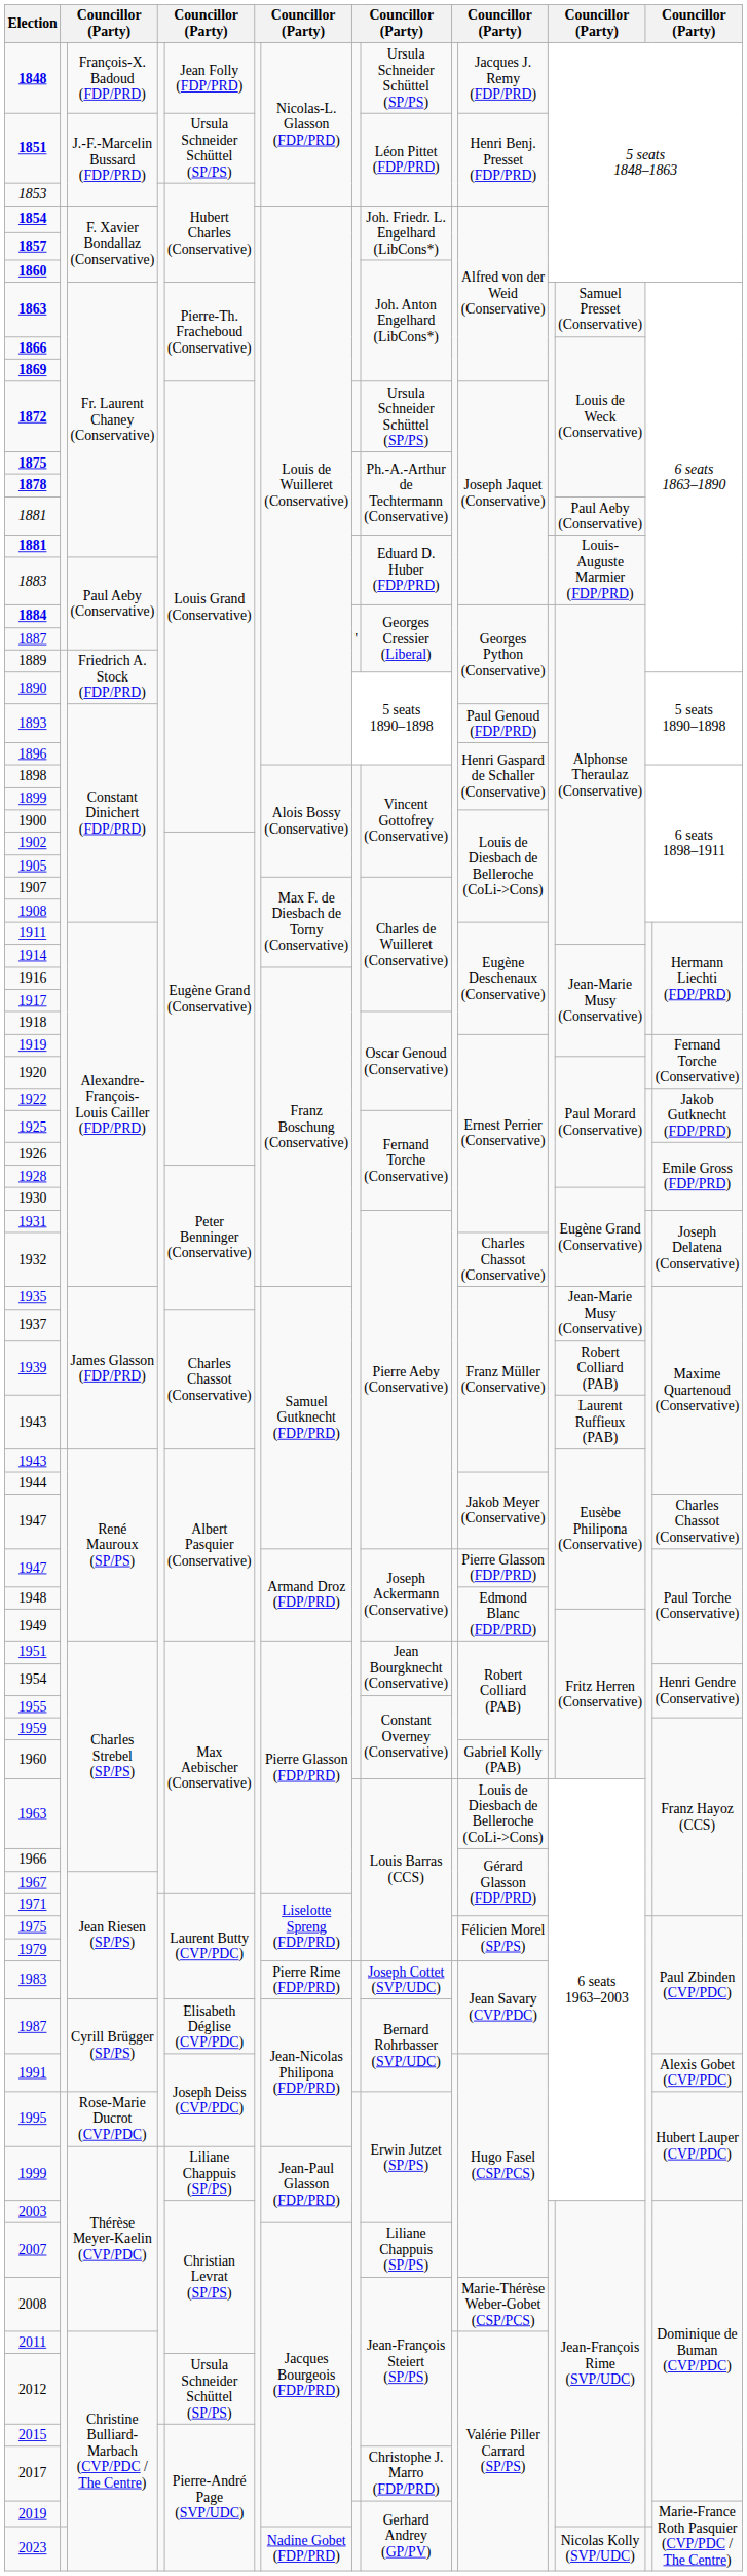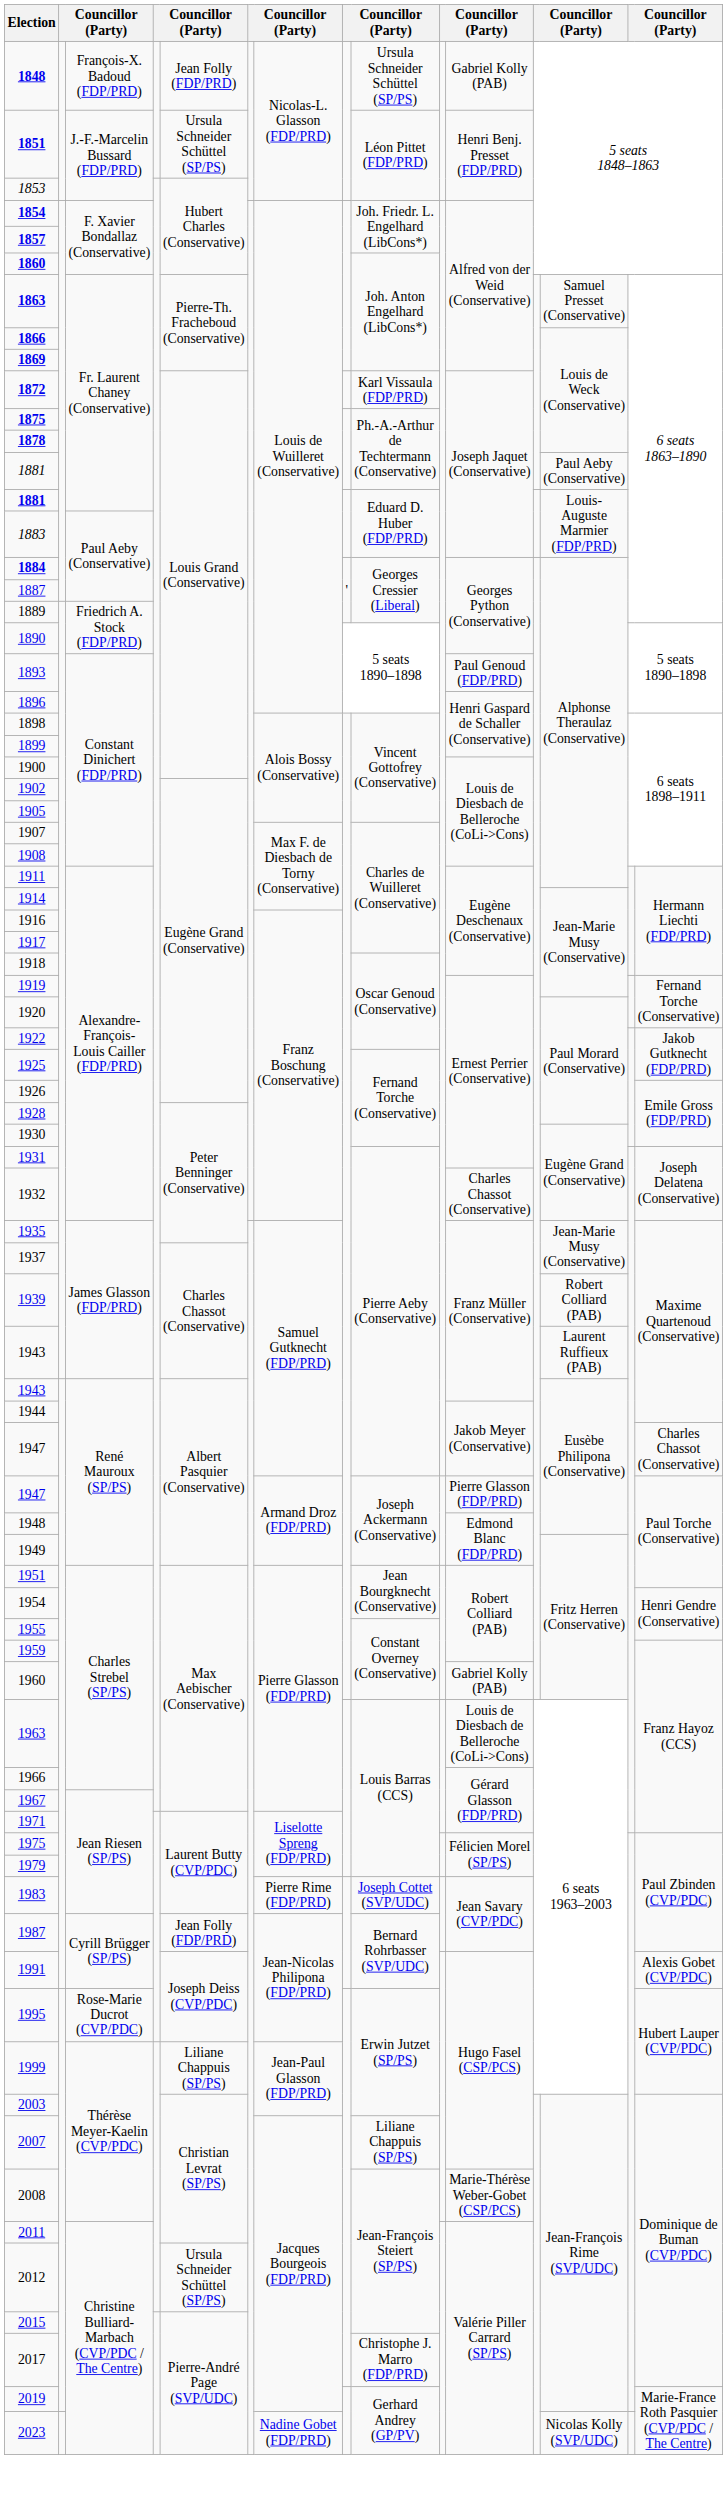 <table class="wikitable" style="text-align:center">
 <tr>
 <th>Election</th>
 <th colspan=2>Councillor<br>(Party)</th>
 <th colspan=2>Councillor<br>(Party)</th>
 <th colspan=2>Councillor<br>(Party)</th>
 <th colspan=2>Councillor<br>(Party)</th>
 <th colspan=2>Councillor<br>(Party)</th>
 <th colspan=2>Councillor<br>(Party)</th>
 <th colspan=2>Councillor<br>(Party)</th>
 </tr>
 <tr>
 <td><strong><a href='#'>1848</a></strong></td>
 <td rowspan=3; style="background-color: "></td>
 <td rowspan=1>François-X. Badoud<br>(<a href='#'>FDP/PRD</a>)</td>
 <td rowspan=2; style="background-color: "></td>
 <td rowspan=1>Jean Folly<br>(<a href='#'>FDP/PRD</a>)</td>
 <td rowspan=3; style="background-color: "></td>
 <td rowspan=3>Nicolas-L. Glasson<br>(<a href='#'>FDP/PRD</a>)</td>
 <td rowspan=3; style="background-color: "></td>
 <td rowspan=1>Ursula Schneider Schüttel<br>(<a href='#'>SP/PS</a>)</td>
 <td rowspan=3; style="background-color: "></td>
-<td rowspan=1>Jacques J. Remy<br>(<a href='#'>FDP/PRD</a>)</td>
+<td rowspan=1>Gabriel Kolly<br>(PAB)</td>
 <td style="background-color:#FFFFFF" rowspan=6 colspan=4><em>5 seats<br>1848–1863</em></td>
 </tr>
 <tr>
 <td><strong><a href='#'>1851</a></strong></td>
 <td rowspan=2>J.-F.-Marcelin Bussard<br>(<a href='#'>FDP/PRD</a>)</td>
 <td rowspan=1>Ursula Schneider Schüttel<br>(<a href='#'>SP/PS</a>)</td>
 <td rowspan=2>Léon Pittet<br>(<a href='#'>FDP/PRD</a>)</td>
 <td rowspan=2>Henri Benj. Presset<br>(<a href='#'>FDP/PRD</a>)</td>
 </tr>
 <tr>
 <td><em>1853</em></td>
 <td rowspan=58; style="background-color: "></td>
 <td rowspan=4>Hubert Charles<br>(Conservative)</td>
 </tr>
 <tr>
 <td><strong><a href='#'>1854</a></strong></td>
 <td rowspan=14; style="background-color: "></td>
 <td rowspan=3>F. Xavier Bondallaz<br>(Conservative)</td>
 <td rowspan=39; style="background-color: "></td>
 <td rowspan=18>Louis de Wuilleret<br>(Conservative)</td>
 <td rowspan=6; style="background-color: "></td>
 <td rowspan=2>Joh. Friedr. L. Engelhard<br>(LibCons*)</td>
 <td rowspan=46; style="background-color: "></td>
 <td rowspan=6>Alfred von der Weid<br>(Conservative)</td>
 </tr>
 <tr>
 <td><strong><a href='#'>1857</a></strong></td>
 </tr>
 <tr>
 <td><strong><a href='#'>1860</a></strong></td>
 <td rowspan=4>Joh. Anton Engelhard<br>(LibCons*)</td>
 </tr>
 <tr>
 <td><strong><a href='#'>1863</a></strong></td>
 <td rowspan=8>Fr. Laurent Chaney<br>(Conservative)</td>
 <td rowspan=3>Pierre-Th. Fracheboud<br>(Conservative)</td>
 <td rowspan=7; style="background-color: "></td>
 <td rowspan=1>Samuel Presset<br>(Conservative)</td>
 <td style="background-color:#FFFFFF" rowspan=12 colspan=2><em>6 seats<br>1863–1890</em></td>
 </tr>
 <tr>
 <td><strong><a href='#'>1866</a></strong></td>
 <td rowspan=5>Louis de Weck<br>(Conservative)</td>
 </tr>
 <tr>
 <td><strong><a href='#'>1869</a></strong></td>
 </tr>
 <tr>
 <td><strong><a href='#'>1872</a></strong></td>
 <td rowspan=15>Louis Grand<br>(Conservative)</td>
 <td rowspan=1; style="background-color: "></td>
-<td rowspan=1>Ursula Schneider Schüttel<br>(<a href='#'>SP/PS</a>)</td>
+<td rowspan=1>Karl Vissaula<br>(<a href='#'>FDP/PRD</a>)</td>
 <td rowspan=6>Joseph Jaquet<br>(Conservative)</td>
 </tr>
 <tr>
 <td><strong><a href='#'>1875</a></strong></td>
 <td rowspan=3; style="background-color: "></td>
 <td rowspan=3>Ph.-A.-Arthur de Techtermann<br>(Conservative)</td>
 </tr>
 <tr>
 <td><strong><a href='#'>1878</a></strong></td>
 </tr>
 <tr>
 <td><em>1881</em></td>
 <td rowspan=1>Paul Aeby<br>(Conservative)</td>
 </tr>
 <tr>
 <td><strong><a href='#'>1881</a></strong></td>
 <td rowspan=2; style="background-color: "></td>
 <td rowspan=2>Eduard D. Huber<br>(<a href='#'>FDP/PRD</a>)</td>
 <td rowspan=2; style="background-color: "></td>
 <td rowspan=2>Louis-Auguste Marmier<br>(<a href='#'>FDP/PRD</a>)</td>
 </tr>
 <tr>
 <td><em>1883</em></td>
 <td rowspan=3>Paul Aeby<br>(Conservative)</td>
 </tr>
 <tr>
 <td><strong><a href='#'>1884</a><em></td>
 <td rowspan=3; style="background-color: ">'</td>
 <td rowspan=3>Georges Cressier<br>(<a href='#'>Liberal</a>)</td>
 <td rowspan=4>Georges Python<br>(Conservative)</td>
 <td rowspan=42; style="background-color: "></td>
 <td rowspan=14>Alphonse Theraulaz<br>(Conservative)</td>
 </tr>
 <tr>
 <td></strong><a href='#'>1887</a><strong></td>
 </tr>
 <tr>
 <td></em>1889<em></td>
 <td rowspan=29; style="background-color: "></td>
 <td rowspan=2>Friedrich A. Stock<br>(<a href='#'>FDP/PRD</a>)</td>
 </tr>
 <tr>
 <td></strong><a href='#'>1890</a><strong></td>
 <td style="background-color:#FFFFFF" rowspan=3 colspan=2></em>5 seats<br>1890–1898<em></td>
 <td style="background-color:#FFFFFF" rowspan=3 colspan=2></em>5 seats<br>1890–1898<em></td>
 </tr>
 <tr>
 <td></strong><a href='#'>1893</a><strong></td>
 <td rowspan=9>Constant Dinichert<br>(<a href='#'>FDP/PRD</a>)</td>
 <td rowspan=1>Paul Genoud<br>(<a href='#'>FDP/PRD</a>)</td>
 </tr>
 <tr>
 <td></strong><a href='#'>1896</a><strong></td>
 <td rowspan=3>Henri Gaspard de Schaller<br>(Conservative)</td>
 </tr>
 <tr>
 <td></em>1898<em></td>
 <td rowspan=5>Alois Bossy<br>(Conservative)</td>
 <td rowspan=36; style="background-color: "></td>
 <td rowspan=5>Vincent Gottofrey<br>(Conservative)</td>
 <td style="background-color:#FFFFFF" rowspan=7 colspan=2></em>6 seats<br>1898–1911<em></td>
 </tr>
 <tr>
 <td></strong><a href='#'>1899</a><strong></td>
 </tr>
 <tr>
 <td></em>1900<em></td>
 <td rowspan=5>Louis de Diesbach de Belleroche<br>(CoLi->Cons)</td>
 </tr>
 <tr>
 <td></strong><a href='#'>1902</a><strong></td>
 <td rowspan=14>Eugène Grand<br>(Conservative)</td>
 </tr>
 <tr>
 <td></strong><a href='#'>1905</a><strong></td>
 </tr>
 <tr>
 <td></em>1907<em></td>
 <td rowspan=4>Max F. de Diesbach de Torny<br>(Conservative)</td>
 <td rowspan=6>Charles de Wuilleret<br>(Conservative)</td>
 </tr>
 <tr>
 <td></strong><a href='#'>1908</a><strong></td>
 </tr>
 <tr>
 <td></strong><a href='#'>1911</a><strong></td>
 <td rowspan=14>Alexandre-François-Louis Cailler<br>(<a href='#'>FDP/PRD</a>)</td>
 <td rowspan=5>Eugène Deschenaux<br>(Conservative)</td>
 <td rowspan=5; style="background-color: "></td>
 <td rowspan=5>Hermann Liechti<br>(<a href='#'>FDP/PRD</a>)</td>
 </tr>
 <tr>
 <td></strong><a href='#'>1914</a><strong></td>
 <td rowspan=5>Jean-Marie Musy<br>(Conservative)</td>
 </tr>
 <tr>
 <td></em>1916<em></td>
 <td rowspan=12>Franz Boschung<br>(Conservative)</td>
 </tr>
 <tr>
 <td></strong><a href='#'>1917</a><strong></td>
 </tr>
 <tr>
 <td></em>1918<em></td>
 <td rowspan=4>Oscar Genoud<br>(Conservative)</td>
 </tr>
 <tr>
 <td></strong><a href='#'>1919</a><strong></td>
 <td rowspan=8>Ernest Perrier<br>(Conservative)</td>
 <td rowspan=2; style="background-color: "></td>
 <td rowspan=2>Fernand Torche<br>(Conservative)</td>
 </tr>
 <tr>
 <td></em>1920<em></td>
 <td rowspan=5>Paul Morard<br>(Conservative)</td>
 </tr>
 <tr>
 <td></strong><a href='#'>1922</a><strong></td>
 <td rowspan=5; style="background-color: "></td>
 <td rowspan=2>Jakob Gutknecht<br>(<a href='#'>FDP/PRD</a>)</td>
 </tr>
 <tr>
 <td></strong><a href='#'>1925</a><strong></td>
 <td rowspan=4>Fernand Torche<br>(Conservative)</td>
 </tr>
 <tr>
 <td></em>1926<em></td>
 <td rowspan=3>Emile Gross<br>(<a href='#'>FDP/PRD</a>)</td>
 </tr>
 <tr>
 <td></strong><a href='#'>1928</a><strong></td>
 <td rowspan=5>Peter Benninger<br>(Conservative)</td>
 </tr>
 <tr>
 <td></em>1930<em></td>
 <td rowspan=3>Eugène Grand<br>(Conservative)</td>
 </tr>
 <tr>
 <td></strong><a href='#'>1931</a><strong></td>
 <td rowspan=9>Pierre Aeby<br>(Conservative)</td>
 <td rowspan=21; style="background-color: "></td>
 <td rowspan=2>Joseph Delatena<br>(Conservative)</td>
 </tr>
 <tr>
 <td></em>1932<em></td>
 <td rowspan=1>Charles Chassot<br>(Conservative)</td>
 </tr>
 <tr>
 <td></strong><a href='#'>1935</a><strong></td>
 <td rowspan=4>James Glasson<br>(<a href='#'>FDP/PRD</a>)</td>
 <td rowspan=35; style="background-color: "></td>
 <td rowspan=7>Samuel Gutknecht<br>(<a href='#'>FDP/PRD</a>)</td>
 <td rowspan=5>Franz Müller<br>(Conservative)</td>
 <td rowspan=2>Jean-Marie Musy<br>(Conservative)</td>
 <td rowspan=6>Maxime Quartenoud<br>(Conservative)</td>
 </tr>
 <tr>
 <td></em>1937<em></td>
 <td rowspan=3>Charles Chassot<br>(Conservative)</td>
 </tr>
 <tr>
 <td></strong><a href='#'>1939</a><strong></td>
 <td rowspan=1>Robert Colliard<br>(PAB)</td>
 </tr>
 <tr>
 <td></em>1943<em></td>
 <td rowspan=1>Laurent Ruffieux<br>(PAB)</td>
 </tr>
 <tr>
 <td></strong><a href='#'>1943</a><strong></td>
 <td rowspan=20; style="background-color: "></td>
 <td rowspan=6>René Mauroux<br>(<a href='#'>SP/PS</a>)</td>
 <td rowspan=6>Albert Pasquier<br>(Conservative)</td>
 <td rowspan=5>Eusèbe Philipona<br>(Conservative)</td>
 </tr>
 <tr>
 <td></em>1944<em></td>
 <td rowspan=2>Jakob Meyer<br>(Conservative)</td>
 </tr>
 <tr>
 <td></em>1947<em></td>
 <td rowspan=1>Charles Chassot<br>(Conservative)</td>
 </tr>
 <tr>
 <td></strong><a href='#'>1947</a><strong></td>
 <td rowspan=3>Armand Droz<br>(<a href='#'>FDP/PRD</a>)</td>
 <td rowspan=3>Joseph Ackermann<br>(Conservative)</td>
 <td rowspan=3; style="background-color: "></td>
 <td rowspan=1>Pierre Glasson<br>(<a href='#'>FDP/PRD</a>)</td>
 <td rowspan=4>Paul Torche<br>(Conservative)</td>
 </tr>
 <tr>
 <td></em>1948<em></td>
 <td rowspan=2>Edmond Blanc<br>(<a href='#'>FDP/PRD</a>)</td>
 </tr>
 <tr>
 <td></em>1949<em></td>
 <td rowspan=6>Fritz Herren<br>(Conservative)</td>
 </tr>
 <tr>
 <td></strong><a href='#'>1951</a><strong></td>
 <td rowspan=7>Charles Strebel<br>(<a href='#'>SP/PS</a>)</td>
 <td rowspan=8>Max Aebischer<br>(Conservative)</td>
 <td rowspan=8>Pierre Glasson<br>(<a href='#'>FDP/PRD</a>)</td>
 <td rowspan=2>Jean Bourgknecht<br>(Conservative)</td>
 <td rowspan=5; style="background-color: "></td>
 <td rowspan=4>Robert Colliard<br>(PAB)</td>
 </tr>
 <tr>
 <td></em>1954<em></td>
 <td rowspan=2>Henri Gendre<br>(Conservative)</td>
 </tr>
 <tr>
 <td></strong><a href='#'>1955</a><strong></td>
 <td rowspan=3>Constant Overney<br>(Conservative)</td>
 </tr>
 <tr>
 <td></strong><a href='#'>1959</a><strong></td>
 <td rowspan=6>Franz Hayoz<br>(CCS)</td>
 </tr>
 <tr>
 <td></em>1960<em></td>
 <td rowspan=1>Gabriel Kolly<br>(PAB)</td>
 </tr>
 <tr>
 <td></strong><a href='#'>1963</a><strong></td>
 <td rowspan=6; style="background-color: "></td>
 <td rowspan=6>Louis Barras<br>(CCS)</td>
 <td rowspan=4; style="background-color: "></td>
 <td rowspan=1>Louis de Diesbach de Belleroche<br>(CoLi->Cons)</td>
 <td style="background-color:#FFFFFF" rowspan=11 colspan=2></em>6 seats<br>1963–2003<em></td>
 </tr>
 <tr>
 <td></em>1966<em></td>
 <td rowspan=3>Gérard Glasson<br>(<a href='#'>FDP/PRD</a>)</td>
 </tr>
 <tr>
 <td></strong><a href='#'>1967</a><strong></td>
 <td rowspan=5>Jean Riesen<br>(<a href='#'>SP/PS</a>)</td>
 </tr>
 <tr>
 <td></strong><a href='#'>1971</a><strong></td>
 <td rowspan=7; style="background-color: "></td>
 <td rowspan=4>Laurent Butty<br>(<a href='#'>CVP/PDC</a>)</td>
 <td rowspan=3><a href='#'>Liselotte Spreng</a><br>(<a href='#'>FDP/PRD</a>)</td>
 </tr>
 <tr>
 <td></strong><a href='#'>1975</a><strong></td>
 <td rowspan=2; style="background-color: "></td>
 <td rowspan=2>Félicien Morel<br>(<a href='#'>SP/PS</a>)</td>
 <td rowspan=15; style="background-color: "></td>
 <td rowspan=4>Paul Zbinden<br>(<a href='#'>CVP/PDC</a>)</td>
 </tr>
 <tr>
 <td></strong><a href='#'>1979</a><strong></td>
 </tr>
 <tr>
 <td></strong><a href='#'>1983</a><strong></td>
 <td rowspan=1>Pierre Rime<br>(<a href='#'>FDP/PRD</a>)</td>
 <td rowspan=3; style="background-color: "></td>
 <td rowspan=1><a href='#'>Joseph Cottet</a><br>(<a href='#'>SVP/UDC</a>)</td>
 <td rowspan=2; style="background-color: "></td>
 <td rowspan=2>Jean Savary<br>(<a href='#'>CVP/PDC</a>)</td>
 </tr>
 <tr>
 <td></strong><a href='#'>1987</a><strong></td>
 <td rowspan=2>Cyrill Brügger<br>(<a href='#'>SP/PS</a>)</td>
-<td rowspan=1>Elisabeth Déglise<br>(<a href='#'>CVP/PDC</a>)</td>
+<td rowspan=1>Jean Folly<br>(<a href='#'>FDP/PRD</a>)</td>
 <td rowspan=3>Jean-Nicolas Philipona<br>(<a href='#'>FDP/PRD</a>)</td>
 <td rowspan=2>Bernard Rohrbasser<br>(<a href='#'>SVP/UDC</a>)</td>
 </tr>
 <tr>
 <td></strong><a href='#'>1991</a><strong></td>
 <td rowspan=2>Joseph Deiss<br>(<a href='#'>CVP/PDC</a>)</td>
 <td rowspan=6; style="background-color: "></td>
 <td rowspan=5>Hugo Fasel<br>(<a href='#'>CSP/PCS</a>)</td>
 <td rowspan=1>Alexis Gobet<br>(<a href='#'>CVP/PDC</a>)</td>
 </tr>
 <tr>
 <td></strong><a href='#'>1995</a><strong></td>
 <td rowspan=10; style="background-color: "></td>
 <td rowspan=1>Rose-Marie Ducrot<br>(<a href='#'>CVP/PDC</a>)</td>
 <td rowspan=9; style="background-color: "></td>
 <td rowspan=3>Erwin Jutzet<br>(<a href='#'>SP/PS</a>)</td>
 <td rowspan=2>Hubert Lauper<br>(<a href='#'>CVP/PDC</a>)</td>
 </tr>
 <tr>
 <td></strong><a href='#'>1999</a><strong></td>
 <td rowspan=4>Thérèse Meyer-Kaelin<br>(<a href='#'>CVP/PDC</a>)</td>
 <td rowspan=6; style="background-color: "></td>
 <td rowspan=1>Liliane Chappuis<br>(<a href='#'>SP/PS</a>)</td>
 <td rowspan=2>Jean-Paul Glasson<br>(<a href='#'>FDP/PRD</a>)</td>
 </tr>
 <tr>
 <td></strong><a href='#'>2003</a><strong></td>
 <td rowspan=4>Christian Levrat<br>(<a href='#'>SP/PS</a>)</td>
 <td rowspan=9; style="background-color: "></td>
 <td rowspan=8>Jean-François Rime<br>(<a href='#'>SVP/UDC</a>)</td>
 <td rowspan=7>Dominique de Buman<br>(<a href='#'>CVP/PDC</a>)</td>
 </tr>
 <tr>
 <td></strong><a href='#'>2007</a><strong></td>
 <td rowspan=7>Jacques Bourgeois<br>(<a href='#'>FDP/PRD</a>)</td>
 <td rowspan=1>Liliane Chappuis<br>(<a href='#'>SP/PS</a>)</td>
 </tr>
 <tr>
 <td></em>2008<em></td>
 <td rowspan=4>Jean-François Steiert<br>(<a href='#'>SP/PS</a>)</td>
 <td rowspan=1>Marie-Thérèse Weber-Gobet<br>(<a href='#'>CSP/PCS</a>)</td>
 </tr>
 <tr>
 <td></strong><a href='#'>2011</a><strong></td>
 <td rowspan=6>Christine Bulliard-Marbach<br>(<a href='#'>CVP/PDC</a> /<br><a href='#'>The Centre</a>)</td>
 <td rowspan=6; style="background-color: "></td>
 <td rowspan=6>Valérie Piller Carrard<br>(<a href='#'>SP/PS</a>)</td>
 </tr>
 <tr>
 <td></em>2012<em></td>
 <td rowspan=1>Ursula Schneider Schüttel<br>(<a href='#'>SP/PS</a>)</td>
 </tr>
 <tr>
 <td></strong><a href='#'>2015</a><strong></td>
 <td rowspan=4; style="background-color: "></td>
 <td rowspan=4>Pierre-André Page<br>(<a href='#'>SVP/UDC</a>)</td>
 </tr>
 <tr>
 <td></em>2017<em></td>
 <td rowspan=1>Christophe J. Marro<br>(<a href='#'>FDP/PRD</a>)</td>
 </tr>
 <tr>
 <td></strong><a href='#'>2019</a><strong></td>
 <td rowspan=2; style="background-color: "></td>
 <td rowspan=2>Gerhard Andrey<br>(<a href='#'>GP/PV</a>)</td>
 <td rowspan=2>Marie-France Roth Pasquier<br>(<a href='#'>CVP/PDC</a> /<br><a href='#'>The Centre</a>)</td>
 </tr>
 <tr>
 <td></strong><a href='#'>2023</a><strong></td>
 <td rowspan=1; style="background-color: "></td>
 <td rowspan=1><a href='#'>Nadine Gobet</a><br>(<a href='#'>FDP/PRD</a>)</td>
 <td rowspan=1>Nicolas Kolly<br>(<a href='#'>SVP/UDC</a>)</td>
 <td rowspan=1; style="background-color: "></td>
 </tr>
 </table>
